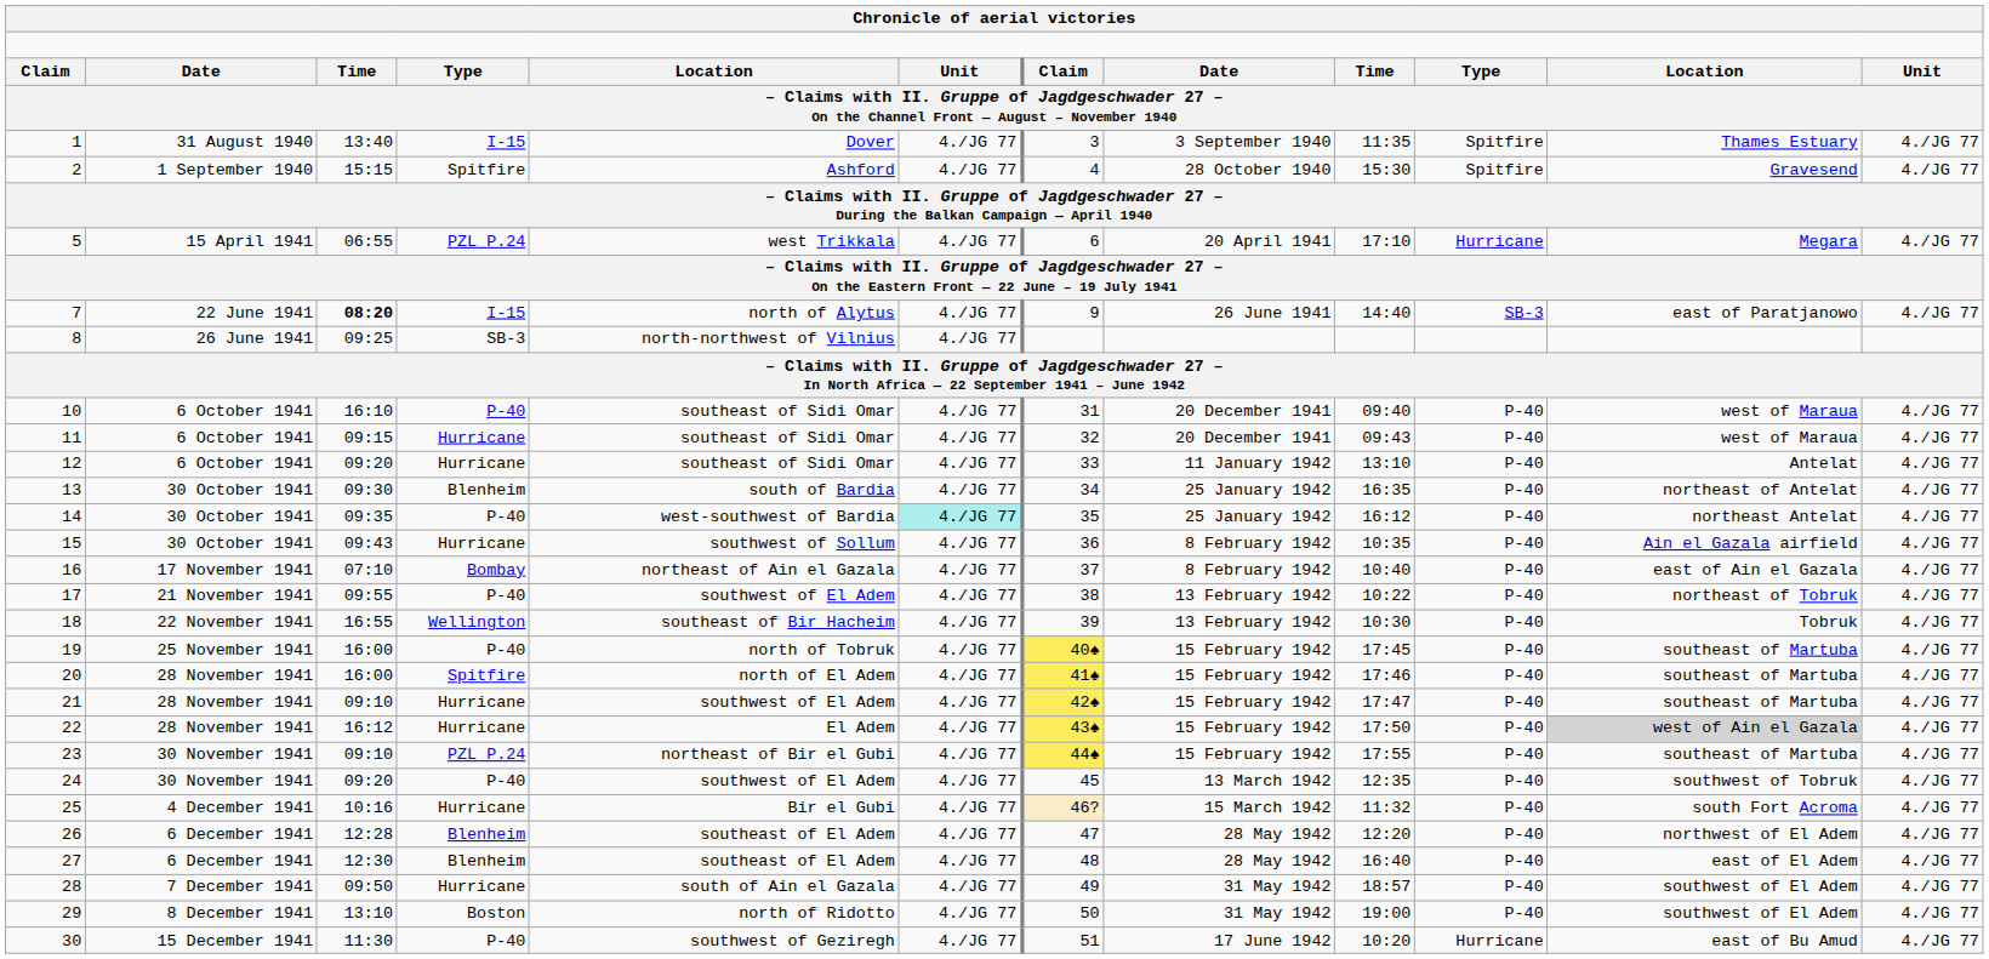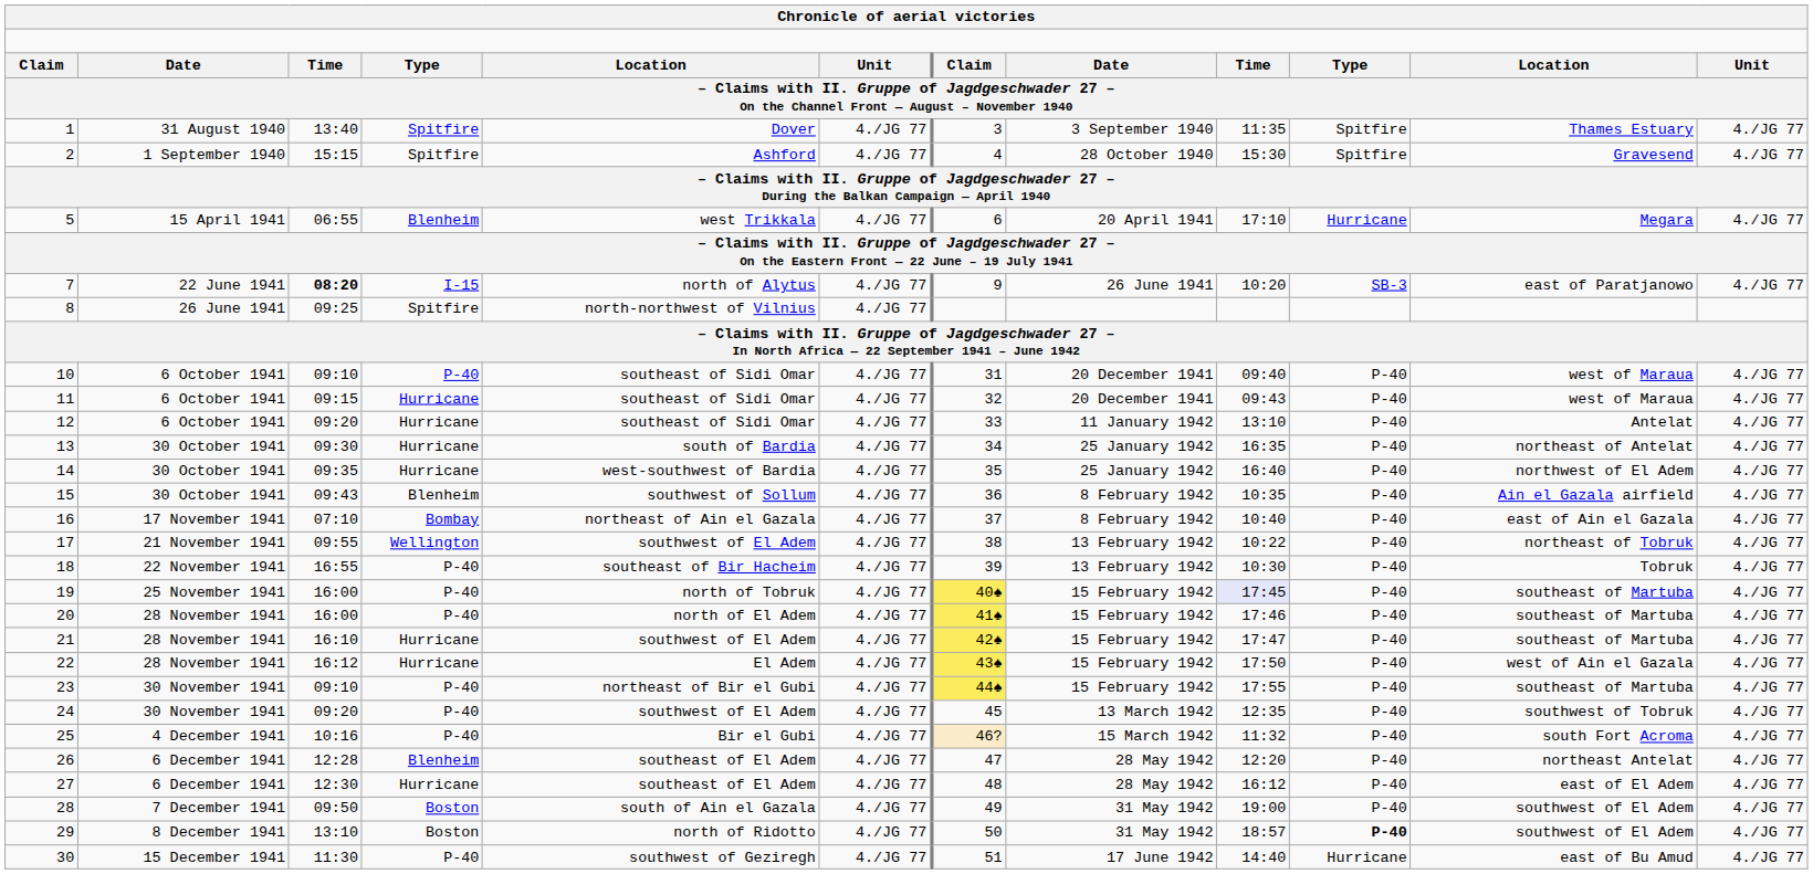 <table class="wikitable plainrowheaders collapsible" style="margin-left: auto; margin-right: auto; border: none; text-align:right; width: 100%;">
 <tr>
 <th colspan="12">Chronicle of aerial victories</th>
 </tr>
 <tr>
 <td colspan="12" style="text-align: left;"><br> </td>
 </tr>
 <tr>
 <th scope="col">Claim</th>
 <th scope="col">Date</th>
 <th scope="col">Time</th>
 <th scope="col" width="100px">Type</th>
 <th scope="col">Location</th>
 <th scope="col">Unit</th>
 <th scope="col" style="border-left: 3px solid grey;">Claim</th>
 <th scope="col">Date</th>
 <th scope="col">Time</th>
 <th scope="col" width="100px">Type</th>
 <th scope="col">Location</th>
 <th scope="col">Unit</th>
 </tr>
 <tr>
 <th colspan="12">– Claims with II. <em>Gruppe</em> of <em>Jagdgeschwader</em> 27 –<br><small>On the Channel Front — August – November 1940</small></th>
 </tr>
 <tr>
 <td>1</td>
 <td>31 August 1940</td>
 <td>13:40</td>
-<td><a href='#'>I-15</a></td>
+<td><a href='#'>Spitfire</a></td>
 <td><a href='#'>Dover</a></td>
 <td>4./JG 77</td>
 <td style="border-left: 3px solid grey;">3</td>
 <td>3 September 1940</td>
 <td>11:35</td>
 <td>Spitfire</td>
 <td><a href='#'>Thames Estuary</a></td>
 <td>4./JG 77</td>
 </tr>
 <tr>
 <td>2</td>
 <td>1 September 1940</td>
 <td>15:15</td>
 <td>Spitfire</td>
 <td><a href='#'>Ashford</a></td>
 <td>4./JG 77</td>
 <td style="border-left: 3px solid grey;">4</td>
 <td>28 October 1940</td>
 <td>15:30</td>
 <td>Spitfire</td>
 <td><a href='#'>Gravesend</a></td>
 <td>4./JG 77</td>
 </tr>
 <tr>
 <th colspan="12">– Claims with II. <em>Gruppe</em> of <em>Jagdgeschwader</em> 27 –<br><small>During the Balkan Campaign — April 1940</small></th>
 </tr>
 <tr>
 <td>5</td>
 <td>15 April 1941</td>
 <td>06:55</td>
-<td><a href='#'>PZL P.24</a></td>
+<td><a href='#'>Blenheim</a></td>
 <td>west <a href='#'>Trikkala</a></td>
 <td>4./JG 77</td>
 <td style="border-left: 3px solid grey;">6</td>
 <td>20 April 1941</td>
 <td>17:10</td>
 <td><a href='#'>Hurricane</a></td>
 <td><a href='#'>Megara</a></td>
 <td>4./JG 77</td>
 </tr>
 <tr>
 <th colspan="12">– Claims with II. <em>Gruppe</em> of <em>Jagdgeschwader</em> 27 –<br><small>On the Eastern Front — 22 June – 19 July 1941</small></th>
 </tr>
 <tr>
 <td>7</td>
 <td>22 June 1941</td>
 <td><strong>08:20</strong></td>
 <td><a href='#'>I-15</a></td>
 <td>north of <a href='#'>Alytus</a></td>
 <td>4./JG 77</td>
 <td style="border-left: 3px solid grey;">9</td>
 <td>26 June 1941</td>
-<td>14:40</td>
+<td>10:20</td>
 <td><a href='#'>SB-3</a></td>
 <td>east of Paratjanowo</td>
 <td>4./JG 77</td>
 </tr>
 <tr>
 <td>8</td>
 <td>26 June 1941</td>
 <td>09:25</td>
-<td>SB-3</td>
+<td>Spitfire</td>
 <td>north-northwest of <a href='#'>Vilnius</a></td>
 <td>4./JG 77</td>
 <td style="border-left: 3px solid grey;"></td>
 <td></td>
 <td></td>
 <td></td>
 <td></td>
 <td></td>
 </tr>
 <tr>
 <th colspan="12">– Claims with II. <em>Gruppe</em> of <em>Jagdgeschwader</em> 27 –<br><small>In North Africa — 22 September 1941 – June 1942</small></th>
 </tr>
 <tr>
 <td>10</td>
 <td>6 October 1941</td>
-<td>16:10</td>
+<td>09:10</td>
 <td><a href='#'>P-40</a></td>
 <td>southeast of Sidi Omar</td>
 <td>4./JG 77</td>
 <td style="border-left: 3px solid grey;">31</td>
 <td>20 December 1941</td>
 <td>09:40</td>
 <td>P-40</td>
 <td>west of <a href='#'>Maraua</a></td>
 <td>4./JG 77</td>
 </tr>
 <tr>
 <td>11</td>
 <td>6 October 1941</td>
 <td>09:15</td>
 <td><a href='#'>Hurricane</a></td>
 <td>southeast of Sidi Omar</td>
 <td>4./JG 77</td>
 <td style="border-left: 3px solid grey;">32</td>
 <td>20 December 1941</td>
 <td>09:43</td>
 <td>P-40</td>
 <td>west of Maraua</td>
 <td>4./JG 77</td>
 </tr>
 <tr>
 <td>12</td>
 <td>6 October 1941</td>
 <td>09:20</td>
 <td>Hurricane</td>
 <td>southeast of Sidi Omar</td>
 <td>4./JG 77</td>
 <td style="border-left: 3px solid grey;">33</td>
 <td>11 January 1942</td>
 <td>13:10</td>
 <td>P-40</td>
 <td>Antelat</td>
 <td>4./JG 77</td>
 </tr>
 <tr>
 <td>13</td>
 <td>30 October 1941</td>
 <td>09:30</td>
-<td>Blenheim</td>
+<td>Hurricane</td>
 <td>south of <a href='#'>Bardia</a></td>
 <td>4./JG 77</td>
 <td style="border-left: 3px solid grey;">34</td>
 <td>25 January 1942</td>
 <td>16:35</td>
 <td>P-40</td>
 <td>northeast of Antelat</td>
 <td>4./JG 77</td>
 </tr>
 <tr>
 <td>14</td>
 <td>30 October 1941</td>
 <td>09:35</td>
-<td>P-40</td>
+<td>Hurricane</td>
 <td>west-southwest of Bardia</td>
-<td style="background: paleturquoise;">4./JG 77</td>
+<td>4./JG 77</td>
 <td style="border-left: 3px solid grey;">35</td>
 <td>25 January 1942</td>
-<td>16:12</td>
+<td>16:40</td>
 <td>P-40</td>
-<td> northeast Antelat</td>
+<td> northwest of El Adem</td>
 <td>4./JG 77</td>
 </tr>
 <tr>
 <td>15</td>
 <td>30 October 1941</td>
 <td>09:43</td>
-<td>Hurricane</td>
+<td>Blenheim</td>
 <td> southwest of <a href='#'>Sollum</a></td>
 <td>4./JG 77</td>
 <td style="border-left: 3px solid grey;">36</td>
 <td>8 February 1942</td>
 <td>10:35</td>
 <td>P-40</td>
 <td><a href='#'>Ain el Gazala</a> airfield</td>
 <td>4./JG 77</td>
 </tr>
 <tr>
 <td>16</td>
 <td>17 November 1941</td>
 <td>07:10</td>
 <td><a href='#'>Bombay</a></td>
 <td>northeast of Ain el Gazala</td>
 <td>4./JG 77</td>
 <td style="border-left: 3px solid grey;">37</td>
 <td>8 February 1942</td>
 <td>10:40</td>
 <td>P-40</td>
 <td>east of Ain el Gazala</td>
 <td>4./JG 77</td>
 </tr>
 <tr>
 <td>17</td>
 <td>21 November 1941</td>
 <td>09:55</td>
-<td>P-40</td>
+<td><a href='#'>Wellington</a></td>
 <td>southwest of <a href='#'>El Adem</a></td>
 <td>4./JG 77</td>
 <td style="border-left: 3px solid grey;">38</td>
 <td>13 February 1942</td>
 <td>10:22</td>
 <td>P-40</td>
 <td>northeast of <a href='#'>Tobruk</a></td>
 <td>4./JG 77</td>
 </tr>
 <tr>
 <td>18</td>
 <td>22 November 1941</td>
 <td>16:55</td>
-<td><a href='#'>Wellington</a></td>
+<td>P-40</td>
 <td> southeast of <a href='#'>Bir Hacheim</a></td>
 <td>4./JG 77</td>
 <td style="border-left: 3px solid grey;">39</td>
 <td>13 February 1942</td>
 <td>10:30</td>
 <td>P-40</td>
 <td>Tobruk</td>
 <td>4./JG 77</td>
 </tr>
 <tr>
 <td>19</td>
 <td>25 November 1941</td>
 <td>16:00</td>
 <td>P-40</td>
 <td>north of Tobruk</td>
 <td>4./JG 77</td>
 <td style="border-left: 3px solid grey; background:#fbec5d;">40♠</td>
 <td>15 February 1942</td>
-<td>17:45</td>
+<td style="background: lavender;">17:45</td>
 <td>P-40</td>
 <td>southeast of <a href='#'>Martuba</a></td>
 <td>4./JG 77</td>
 </tr>
 <tr>
 <td>20</td>
 <td>28 November 1941</td>
 <td>16:00</td>
-<td><a href='#'>Spitfire</a></td>
+<td>P-40</td>
 <td>north of El Adem</td>
 <td>4./JG 77</td>
 <td style="border-left: 3px solid grey; background:#fbec5d;">41♠</td>
 <td>15 February 1942</td>
 <td>17:46</td>
 <td>P-40</td>
 <td>southeast of Martuba</td>
 <td>4./JG 77</td>
 </tr>
 <tr>
 <td>21</td>
 <td>28 November 1941</td>
-<td>09:10</td>
+<td>16:10</td>
 <td>Hurricane</td>
 <td>southwest of El Adem</td>
 <td>4./JG 77</td>
 <td style="border-left: 3px solid grey; background:#fbec5d;">42♠</td>
 <td>15 February 1942</td>
 <td>17:47</td>
 <td>P-40</td>
 <td>southeast of Martuba</td>
 <td>4./JG 77</td>
 </tr>
 <tr>
 <td>22</td>
 <td>28 November 1941</td>
 <td>16:12</td>
 <td>Hurricane</td>
 <td>El Adem</td>
 <td>4./JG 77</td>
 <td style="border-left: 3px solid grey; background:#fbec5d;">43♠</td>
 <td>15 February 1942</td>
 <td>17:50</td>
 <td>P-40</td>
-<td style="background: lightgrey;">west of Ain el Gazala</td>
+<td>west of Ain el Gazala</td>
 <td>4./JG 77</td>
 </tr>
 <tr>
 <td>23</td>
 <td>30 November 1941</td>
 <td>09:10</td>
-<td><a href='#'>PZL P.24</a></td>
+<td>P-40</td>
 <td>northeast of Bir el Gubi</td>
 <td>4./JG 77</td>
 <td style="border-left: 3px solid grey; background:#fbec5d;">44♠</td>
 <td>15 February 1942</td>
 <td>17:55</td>
 <td>P-40</td>
 <td> southeast of Martuba</td>
 <td>4./JG 77</td>
 </tr>
 <tr>
 <td>24</td>
 <td>30 November 1941</td>
 <td>09:20</td>
 <td>P-40</td>
 <td>southwest of El Adem</td>
 <td>4./JG 77</td>
 <td style="border-left: 3px solid grey;">45</td>
 <td>13 March 1942</td>
 <td>12:35</td>
 <td>P-40</td>
 <td>southwest of Tobruk</td>
 <td>4./JG 77</td>
 </tr>
 <tr>
 <td>25</td>
 <td>4 December 1941</td>
 <td>10:16</td>
-<td>Hurricane</td>
+<td>P-40</td>
 <td>Bir el Gubi</td>
 <td>4./JG 77</td>
 <td style="border-left: 3px solid grey; background:#faecc8">46?</td>
 <td>15 March 1942</td>
 <td>11:32</td>
 <td>P-40</td>
 <td> south Fort <a href='#'>Acroma</a></td>
 <td>4./JG 77</td>
 </tr>
 <tr>
 <td>26</td>
 <td>6 December 1941</td>
 <td>12:28</td>
 <td><a href='#'>Blenheim</a></td>
 <td>southeast of El Adem</td>
 <td>4./JG 77</td>
 <td style="border-left: 3px solid grey;">47</td>
 <td>28 May 1942</td>
 <td>12:20</td>
 <td>P-40</td>
-<td> northwest of El Adem</td>
+<td> northeast Antelat</td>
 <td>4./JG 77</td>
 </tr>
 <tr>
 <td>27</td>
 <td>6 December 1941</td>
 <td>12:30</td>
-<td>Blenheim</td>
+<td>Hurricane</td>
 <td>southeast of El Adem</td>
 <td>4./JG 77</td>
 <td style="border-left: 3px solid grey;">48</td>
 <td>28 May 1942</td>
-<td>16:40</td>
+<td>16:12</td>
 <td>P-40</td>
 <td> east of El Adem</td>
 <td>4./JG 77</td>
 </tr>
 <tr>
 <td>28</td>
 <td>7 December 1941</td>
 <td>09:50</td>
-<td>Hurricane</td>
+<td><a href='#'>Boston</a></td>
 <td>south of Ain el Gazala</td>
 <td>4./JG 77</td>
 <td style="border-left: 3px solid grey;">49</td>
 <td>31 May 1942</td>
-<td>18:57</td>
+<td>19:00</td>
 <td>P-40</td>
 <td> southwest of El Adem</td>
 <td>4./JG 77</td>
 </tr>
 <tr>
 <td>29</td>
 <td>8 December 1941</td>
 <td>13:10</td>
 <td>Boston</td>
 <td>north of Ridotto</td>
 <td>4./JG 77</td>
 <td style="border-left: 3px solid grey;">50</td>
 <td>31 May 1942</td>
-<td>19:00</td>
-<td>P-40</td>
+<td>18:57</td>
+<td><strong>P-40</strong></td>
 <td> southwest of El Adem</td>
 <td>4./JG 77</td>
 </tr>
 <tr>
 <td>30</td>
 <td>15 December 1941</td>
 <td>11:30</td>
 <td>P-40</td>
 <td>southwest of Geziregh</td>
 <td>4./JG 77</td>
 <td style="border-left: 3px solid grey;">51</td>
 <td>17 June 1942</td>
-<td>10:20</td>
+<td>14:40</td>
 <td>Hurricane</td>
 <td>east of Bu Amud</td>
 <td>4./JG 77</td>
 </tr>
 </table>
